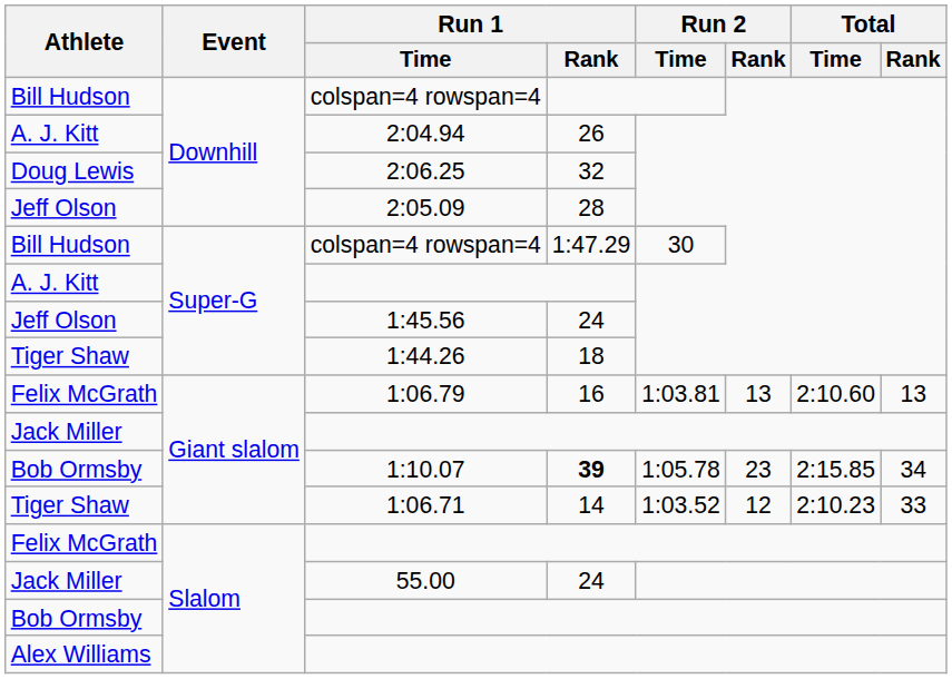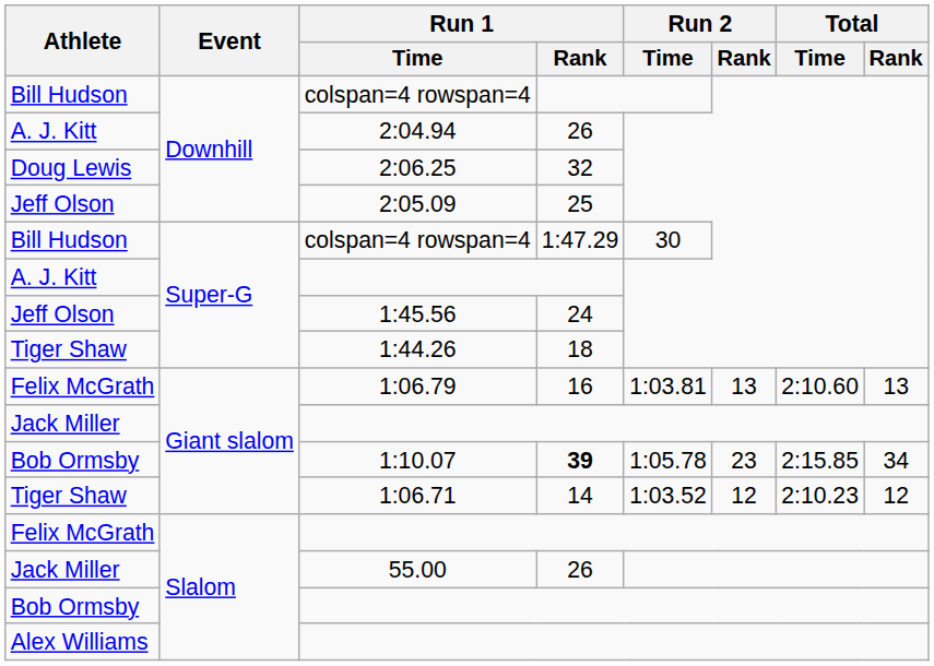 <table class=wikitable style=font-size:90%;text-align:center>
 <tr>
 <th rowspan=2>Athlete</th>
 <th rowspan=2>Event</th>
 <th colspan=2>Run 1</th>
 <th colspan=2>Run 2</th>
 <th colspan=2>Total</th>
 </tr>
 <tr style=font-size:95%>
 <th>Time</th>
 <th>Rank</th>
 <th>Time</th>
 <th>Rank</th>
 <th>Time</th>
 <th>Rank</th>
 </tr>
 <tr>
 <td align=left><a href='#'>Bill Hudson</a></td>
 <td align=left rowspan=4><a href='#'>Downhill</a></td>
 <td>colspan=4 rowspan=4 </td>
 <td colspan=2></td>
 </tr>
 <tr>
 <td align=left><a href='#'>A. J. Kitt</a></td>
 <td>2:04.94</td>
 <td>26</td>
 </tr>
 <tr>
 <td align=left><a href='#'>Doug Lewis</a></td>
 <td>2:06.25</td>
 <td>32</td>
 </tr>
 <tr>
 <td align=left><a href='#'>Jeff Olson</a></td>
 <td>2:05.09</td>
-<td>28</td>
+<td>25</td>
 </tr>
 <tr>
 <td align=left><a href='#'>Bill Hudson</a></td>
 <td align=left rowspan=4><a href='#'>Super-G</a></td>
 <td>colspan=4 rowspan=4 </td>
 <td>1:47.29</td>
 <td>30</td>
 </tr>
 <tr>
 <td align=left><a href='#'>A. J. Kitt</a></td>
 <td colspan=2></td>
 </tr>
 <tr>
 <td align=left><a href='#'>Jeff Olson</a></td>
 <td>1:45.56</td>
 <td>24</td>
 </tr>
 <tr>
 <td align=left><a href='#'>Tiger Shaw</a></td>
 <td>1:44.26</td>
 <td>18</td>
 </tr>
 <tr>
 <td align=left><a href='#'>Felix McGrath</a></td>
 <td align=left rowspan=4><a href='#'>Giant slalom</a></td>
 <td>1:06.79</td>
 <td>16</td>
 <td>1:03.81</td>
 <td>13</td>
 <td>2:10.60</td>
 <td>13</td>
 </tr>
 <tr>
 <td align=left><a href='#'>Jack Miller</a></td>
 <td colspan=6></td>
 </tr>
 <tr>
 <td align=left><a href='#'>Bob Ormsby</a></td>
 <td>1:10.07</td>
 <td><strong>39</strong></td>
 <td>1:05.78</td>
 <td>23</td>
 <td>2:15.85</td>
 <td>34</td>
 </tr>
 <tr>
 <td align=left><a href='#'>Tiger Shaw</a></td>
 <td>1:06.71</td>
 <td>14</td>
 <td>1:03.52</td>
 <td>12</td>
 <td>2:10.23</td>
-<td>33</td>
+<td>12</td>
 </tr>
 <tr>
 <td align=left><a href='#'>Felix McGrath</a></td>
 <td align=left rowspan=4><a href='#'>Slalom</a></td>
 <td colspan=6></td>
 </tr>
 <tr>
 <td align=left><a href='#'>Jack Miller</a></td>
 <td>55.00</td>
-<td>24</td>
+<td>26</td>
 <td colspan=4></td>
 </tr>
 <tr>
 <td align=left><a href='#'>Bob Ormsby</a></td>
 <td colspan=6></td>
 </tr>
 <tr>
 <td align=left><a href='#'>Alex Williams</a></td>
 <td colspan=6></td>
 </tr>
 </table>
